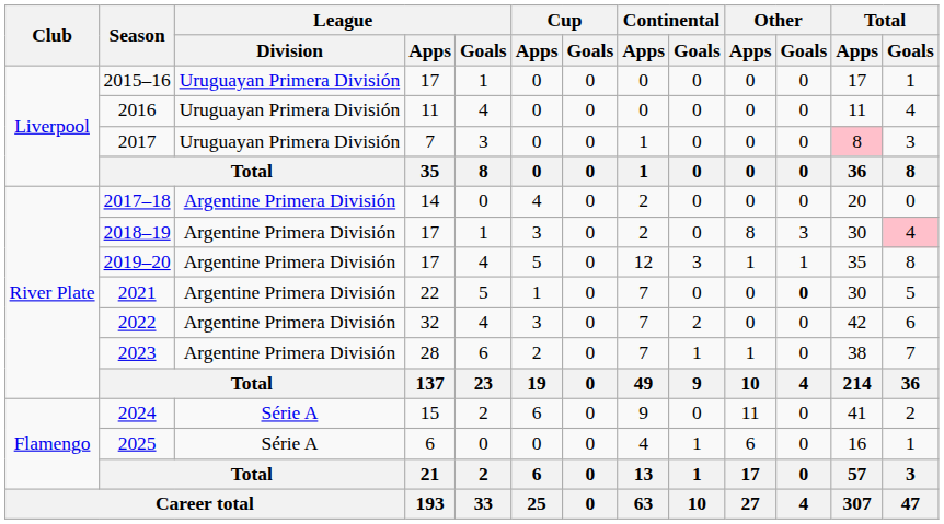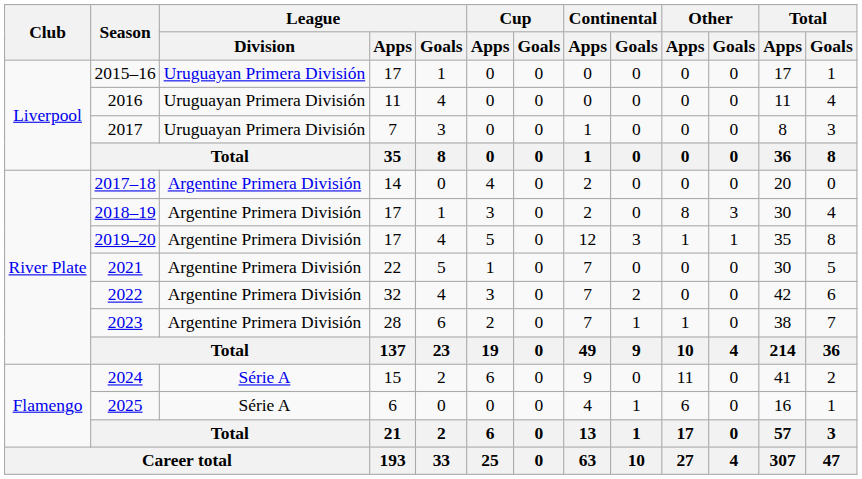 <table class="wikitable" border="1" style="text-align: center">
 <tr>
 <th rowspan="2">Club</th>
 <th rowspan="2">Season</th>
 <th colspan="3">League</th>
 <th colspan="2">Cup</th>
 <th colspan="2">Continental</th>
 <th colspan="2">Other</th>
 <th colspan="2">Total</th>
 </tr>
 <tr>
 <th>Division</th>
 <th>Apps</th>
 <th>Goals</th>
 <th>Apps</th>
 <th>Goals</th>
 <th>Apps</th>
 <th>Goals</th>
 <th>Apps</th>
 <th>Goals</th>
 <th>Apps</th>
 <th>Goals</th>
 </tr>
 <tr>
 <td rowspan="4"><a href='#'>Liverpool</a></td>
 <td>2015–16</td>
 <td><a href='#'>Uruguayan Primera División</a></td>
 <td>17</td>
 <td>1</td>
 <td>0</td>
 <td>0</td>
 <td>0</td>
 <td>0</td>
 <td>0</td>
 <td>0</td>
 <td>17</td>
 <td>1</td>
 </tr>
 <tr>
 <td>2016</td>
 <td>Uruguayan Primera División</td>
 <td>11</td>
 <td>4</td>
 <td>0</td>
 <td>0</td>
 <td>0</td>
 <td>0</td>
 <td>0</td>
 <td>0</td>
 <td>11</td>
 <td>4</td>
 </tr>
 <tr>
 <td>2017</td>
 <td>Uruguayan Primera División</td>
 <td>7</td>
 <td>3</td>
 <td>0</td>
 <td>0</td>
 <td>1</td>
 <td>0</td>
 <td>0</td>
 <td>0</td>
-<td style="background: pink;">8</td>
+<td>8</td>
 <td>3</td>
 </tr>
 <tr>
 <th colspan="2">Total</th>
 <th>35</th>
 <th>8</th>
 <th>0</th>
 <th>0</th>
 <th>1</th>
 <th>0</th>
 <th>0</th>
 <th>0</th>
 <th>36</th>
 <th>8</th>
 </tr>
 <tr>
 <td rowspan="7"><a href='#'>River Plate</a></td>
 <td><a href='#'>2017–18</a></td>
 <td><a href='#'>Argentine Primera División</a></td>
 <td>14</td>
 <td>0</td>
 <td>4</td>
 <td>0</td>
 <td>2</td>
 <td>0</td>
 <td>0</td>
 <td>0</td>
 <td>20</td>
 <td>0</td>
 </tr>
 <tr>
 <td><a href='#'>2018–19</a></td>
 <td>Argentine Primera División</td>
 <td>17</td>
 <td>1</td>
 <td>3</td>
 <td>0</td>
 <td>2</td>
 <td>0</td>
 <td>8</td>
 <td>3</td>
 <td>30</td>
-<td style="background: pink;">4</td>
+<td>4</td>
 </tr>
 <tr>
 <td><a href='#'>2019–20</a></td>
 <td>Argentine Primera División</td>
 <td>17</td>
 <td>4</td>
 <td>5</td>
 <td>0</td>
 <td>12</td>
 <td>3</td>
 <td>1</td>
 <td>1</td>
 <td>35</td>
 <td>8</td>
 </tr>
 <tr>
 <td><a href='#'>2021</a></td>
 <td>Argentine Primera División</td>
 <td>22</td>
 <td>5</td>
 <td>1</td>
 <td>0</td>
 <td>7</td>
 <td>0</td>
 <td>0</td>
-<td><strong>0</strong></td>
+<td>0</td>
 <td>30</td>
 <td>5</td>
 </tr>
 <tr>
 <td><a href='#'>2022</a></td>
 <td>Argentine Primera División</td>
 <td>32</td>
 <td>4</td>
 <td>3</td>
 <td>0</td>
 <td>7</td>
 <td>2</td>
 <td>0</td>
 <td>0</td>
 <td>42</td>
 <td>6</td>
 </tr>
 <tr>
 <td><a href='#'>2023</a></td>
 <td>Argentine Primera División</td>
 <td>28</td>
 <td>6</td>
 <td>2</td>
 <td>0</td>
 <td>7</td>
 <td>1</td>
 <td>1</td>
 <td>0</td>
 <td>38</td>
 <td>7</td>
 </tr>
 <tr>
 <th colspan="2">Total</th>
 <th>137</th>
 <th>23</th>
 <th>19</th>
 <th>0</th>
 <th>49</th>
 <th>9</th>
 <th>10</th>
 <th>4</th>
 <th>214</th>
 <th>36</th>
 </tr>
 <tr>
 <td rowspan="3"><a href='#'>Flamengo</a></td>
 <td><a href='#'>2024</a></td>
 <td><a href='#'>Série A</a></td>
 <td>15</td>
 <td>2</td>
 <td>6</td>
 <td>0</td>
 <td>9</td>
 <td>0</td>
 <td>11</td>
 <td>0</td>
 <td>41</td>
 <td>2</td>
 </tr>
 <tr>
 <td><a href='#'>2025</a></td>
 <td>Série A</td>
 <td>6</td>
 <td>0</td>
 <td>0</td>
 <td>0</td>
 <td>4</td>
 <td>1</td>
 <td>6</td>
 <td>0</td>
 <td>16</td>
 <td>1</td>
 </tr>
 <tr>
 <th colspan="2">Total</th>
 <th>21</th>
 <th>2</th>
 <th>6</th>
 <th>0</th>
 <th>13</th>
 <th>1</th>
 <th>17</th>
 <th>0</th>
 <th>57</th>
 <th>3</th>
 </tr>
 <tr>
 <th colspan="3">Career total</th>
 <th>193</th>
 <th>33</th>
 <th>25</th>
 <th>0</th>
 <th>63</th>
 <th>10</th>
 <th>27</th>
 <th>4</th>
 <th>307</th>
 <th>47</th>
 </tr>
 </table>
